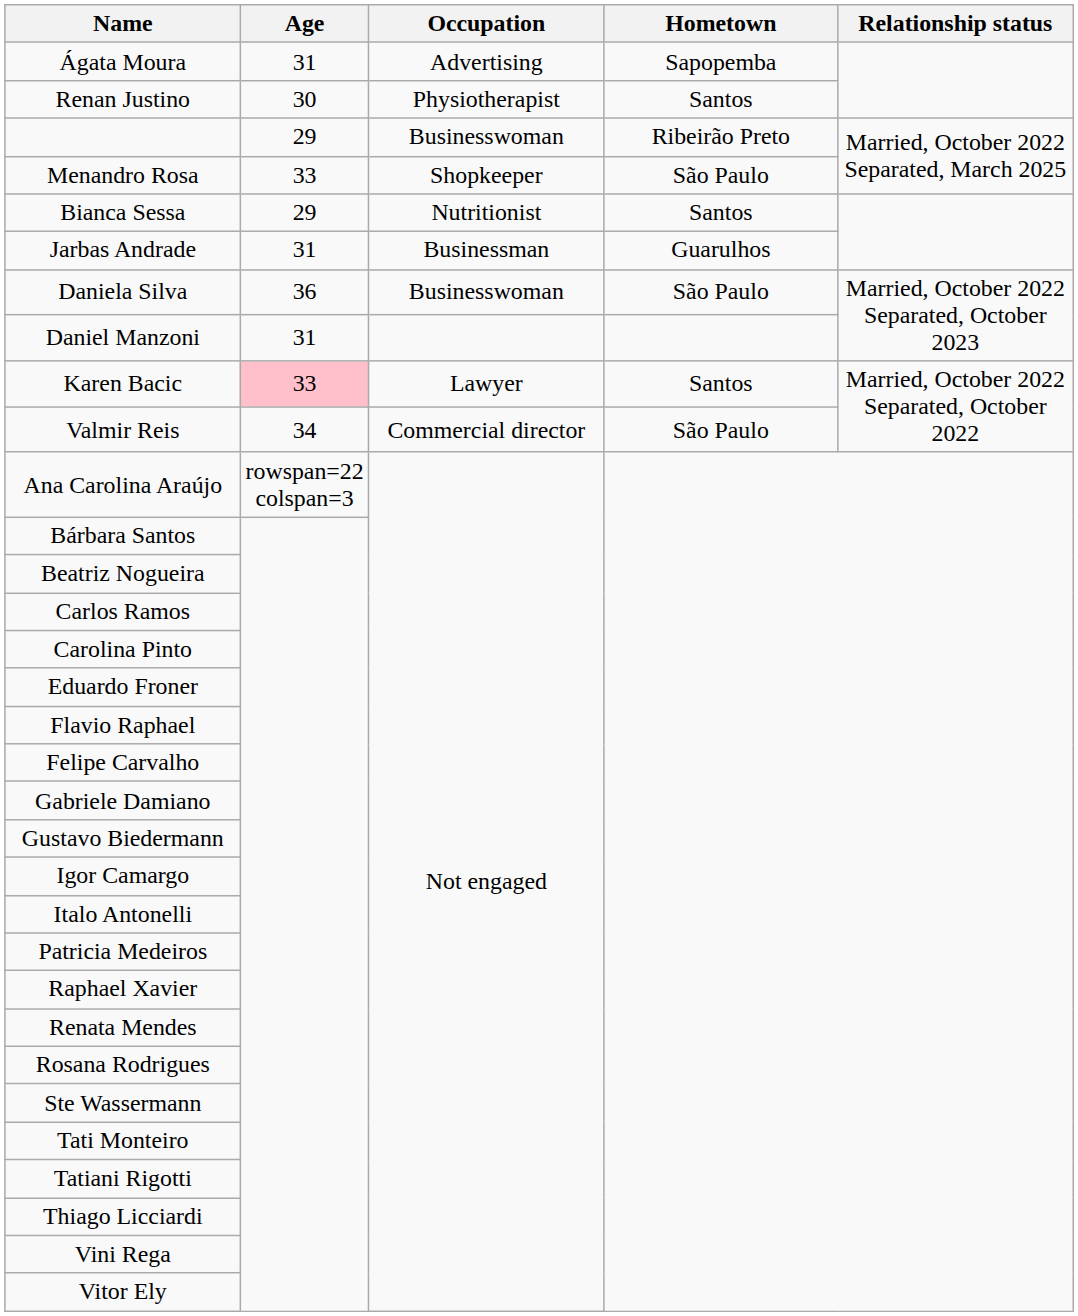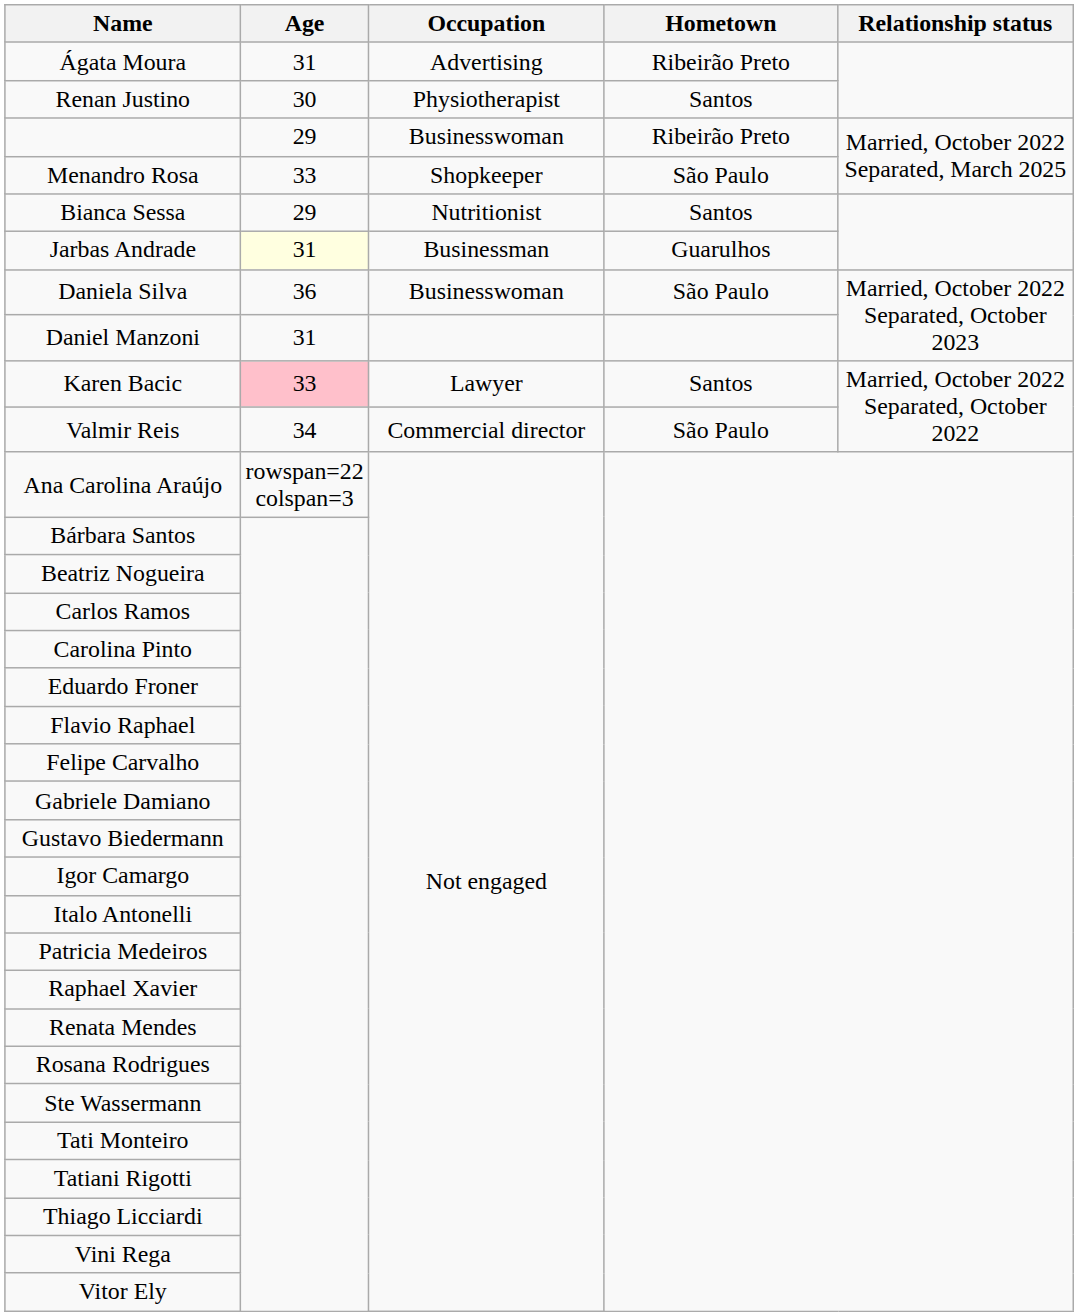 <table class="wikitable sortable"  style="text-align:center;margin:1em auto;">
 <tr>
 <th width=150>Name</th>
 <th width=050>Age</th>
 <th width=150>Occupation</th>
 <th width=150>Hometown</th>
 <th width=150>Relationship status</th>
 </tr>
 <tr>
 <td>Ágata Moura</td>
 <td>31</td>
 <td>Advertising</td>
-<td>Sapopemba</td>
+<td>Ribeirão Preto</td>
 <td rowspan=2></td>
 </tr>
 <tr>
 <td>Renan Justino</td>
 <td>30</td>
 <td>Physiotherapist</td>
 <td>Santos</td>
 </tr>
 <tr>
 <td></td>
 <td>29</td>
 <td>Businesswoman</td>
 <td>Ribeirão Preto</td>
 <td rowspan=2>Married, October 2022<br>Separated, March 2025</td>
 </tr>
 <tr>
 <td>Menandro Rosa</td>
 <td>33</td>
 <td>Shopkeeper</td>
 <td>São Paulo</td>
 </tr>
 <tr>
 <td>Bianca Sessa</td>
 <td>29</td>
 <td>Nutritionist</td>
 <td>Santos</td>
 <td rowspan=2></td>
 </tr>
 <tr>
 <td>Jarbas Andrade</td>
-<td>31</td>
+<td style="background: lightyellow;">31</td>
 <td>Businessman</td>
 <td>Guarulhos</td>
 </tr>
 <tr>
 <td>Daniela Silva</td>
 <td>36</td>
 <td>Businesswoman</td>
 <td>São Paulo</td>
 <td rowspan=2>Married, October 2022<br>Separated, October 2023</td>
 </tr>
 <tr>
 <td>Daniel Manzoni</td>
 <td>31</td>
 <td></td>
 <td></td>
 </tr>
 <tr>
 <td>Karen Bacic</td>
 <td style="background: pink;">33</td>
 <td>Lawyer</td>
 <td>Santos</td>
 <td rowspan=2>Married, October 2022<br>Separated, October 2022</td>
 </tr>
 <tr>
 <td>Valmir Reis</td>
 <td>34</td>
 <td>Commercial director</td>
 <td>São Paulo</td>
 </tr>
 <tr>
 <td>Ana Carolina Araújo</td>
 <td>rowspan=22 colspan=3 </td>
 <td rowspan=22>Not engaged</td>
 </tr>
 <tr>
 <td>Bárbara Santos</td>
 </tr>
 <tr>
 <td>Beatriz Nogueira</td>
 </tr>
 <tr>
 <td>Carlos Ramos</td>
 </tr>
 <tr>
 <td>Carolina Pinto</td>
 </tr>
 <tr>
 <td>Eduardo Froner</td>
 </tr>
 <tr>
 <td>Flavio Raphael</td>
 </tr>
 <tr>
 <td>Felipe Carvalho</td>
 </tr>
 <tr>
 <td>Gabriele Damiano</td>
 </tr>
 <tr>
 <td>Gustavo Biedermann</td>
 </tr>
 <tr>
 <td>Igor Camargo</td>
 </tr>
 <tr>
 <td>Italo Antonelli</td>
 </tr>
 <tr>
 <td>Patricia Medeiros</td>
 </tr>
 <tr>
 <td>Raphael Xavier</td>
 </tr>
 <tr>
 <td>Renata Mendes</td>
 </tr>
 <tr>
 <td>Rosana Rodrigues</td>
 </tr>
 <tr>
 <td>Ste Wassermann</td>
 </tr>
 <tr>
 <td>Tati Monteiro</td>
 </tr>
 <tr>
 <td>Tatiani Rigotti</td>
 </tr>
 <tr>
 <td>Thiago Licciardi</td>
 </tr>
 <tr>
 <td>Vini Rega</td>
 </tr>
 <tr>
 <td>Vitor Ely</td>
 </tr>
 <tr>
 </tr>
 </table>
